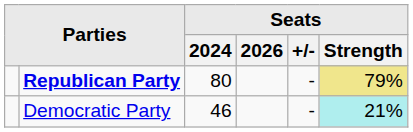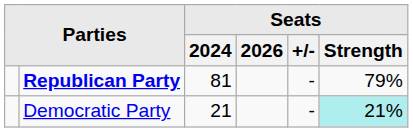 <table class=wikitable>
 <tr>
 <th style="background-color:#E9E9E9" align=center rowspan=2 colspan=2>Parties</th>
 <th style="background-color:#E9E9E9" align=center colspan=5>Seats</th>
 </tr>
 <tr bgcolor=#E9E9E9>
 <th>2024</th>
 <th>2026</th>
 <th>+/-</th>
 <th>Strength</th>
 </tr>
 <tr>
 <td style="background-color:"> </td>
 <td><strong><a href='#'>Republican Party</a></strong></td>
-<td align=right>80</td>
+<td align=right>81</td>
 <td align=right></td>
 <td align=right>-</td>
-<td align=right style="background: khaki;">79%</td>
+<td align=right>79%</td>
 </tr>
 <tr>
 <td style="background-color:"> </td>
 <td><a href='#'>Democratic Party</a></td>
-<td align=right>46</td>
+<td align=right>21</td>
 <td align=right></td>
 <td align=right>-</td>
 <td align=right style="background: paleturquoise;">21%</td>
 </tr>
 </table>
